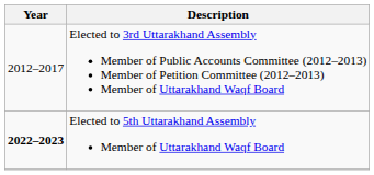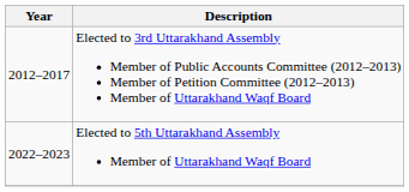 <table class="wikitable">
 <tr>
 <th>Year</th>
 <th>Description</th>
 </tr>
 <tr>
 <td>2012–2017</td>
 <td>Elected to <a href='#'>3rd Uttarakhand Assembly</a><br><ul><li>Member of Public Accounts Committee (2012–2013)</li><li>Member of Petition Committee (2012–2013)</li><li>Member of <a href='#'>Uttarakhand Waqf Board</a></li></ul></td>
 </tr>
 <tr>
-<td><strong>2022–2023</strong></td>
+<td>2022–2023</td>
 <td>Elected to <a href='#'>5th Uttarakhand Assembly</a><br><ul><li>Member of <a href='#'>Uttarakhand Waqf Board</a></li></ul></td>
 </tr>
 <tr>
 </tr>
 </table>
